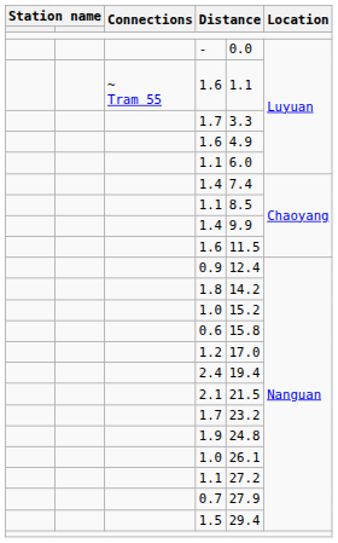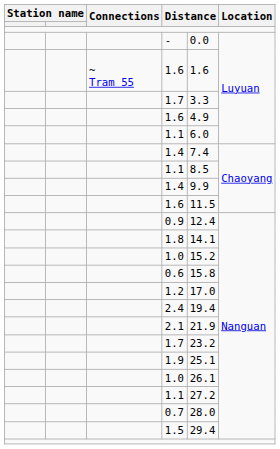 <table class="wikitable">
 <tr>
 <th colspan="2">Station name</th>
 <th rowspan="2">Connections</th>
 <th colspan="2" rowspan="2">Distance<br></th>
 <th rowspan="2">Location</th>
 </tr>
 <tr>
 <th></th>
 <th></th>
 </tr>
 <tr style="background:#">
 <td colspan = "8"></td>
 </tr>
 <tr>
 <td></td>
 <td></td>
 <td></td>
 <td>-</td>
 <td>0.0</td>
 <td rowspan="5"><a href='#'>Luyuan</a></td>
 </tr>
 <tr>
 <td></td>
 <td></td>
 <td><br> ~<br> <a href='#'>Tram 55</a></td>
 <td>1.6</td>
-<td>1.1</td>
+<td>1.6</td>
 </tr>
 <tr>
 <td></td>
 <td></td>
 <td></td>
 <td>1.7</td>
 <td>3.3</td>
 </tr>
 <tr>
 <td></td>
 <td></td>
 <td></td>
 <td>1.6</td>
 <td>4.9</td>
 </tr>
 <tr>
 <td></td>
 <td></td>
 <td></td>
 <td>1.1</td>
 <td>6.0</td>
 </tr>
 <tr>
 <td></td>
 <td></td>
 <td></td>
 <td>1.4</td>
 <td>7.4</td>
 <td rowspan="4"><a href='#'>Chaoyang</a></td>
 </tr>
 <tr>
 <td></td>
 <td></td>
 <td></td>
 <td>1.1</td>
 <td>8.5</td>
 </tr>
 <tr>
 <td></td>
 <td></td>
 <td></td>
 <td>1.4</td>
 <td>9.9</td>
 </tr>
 <tr>
 <td></td>
 <td></td>
 <td></td>
 <td>1.6</td>
 <td>11.5</td>
 </tr>
 <tr>
 <td></td>
 <td></td>
 <td></td>
 <td>0.9</td>
 <td>12.4</td>
 <td rowspan="13"><a href='#'>Nanguan</a></td>
 </tr>
 <tr>
 <td></td>
 <td></td>
 <td></td>
 <td>1.8</td>
-<td>14.2</td>
+<td>14.1</td>
 </tr>
 <tr>
 <td></td>
 <td></td>
 <td></td>
 <td>1.0</td>
 <td>15.2</td>
 </tr>
 <tr>
 <td></td>
 <td></td>
 <td></td>
 <td>0.6</td>
 <td>15.8</td>
 </tr>
 <tr>
 <td></td>
 <td></td>
 <td></td>
 <td>1.2</td>
 <td>17.0</td>
 </tr>
 <tr>
 <td></td>
 <td></td>
 <td></td>
 <td>2.4</td>
 <td>19.4</td>
 </tr>
 <tr>
 <td></td>
 <td></td>
 <td></td>
 <td>2.1</td>
-<td>21.5</td>
+<td>21.9</td>
 </tr>
 <tr>
 <td></td>
 <td></td>
 <td></td>
 <td>1.7</td>
 <td>23.2</td>
 </tr>
 <tr>
 <td></td>
 <td></td>
 <td></td>
 <td>1.9</td>
-<td>24.8</td>
+<td>25.1</td>
 </tr>
 <tr>
 <td></td>
 <td></td>
 <td></td>
 <td>1.0</td>
 <td>26.1</td>
 </tr>
 <tr>
 <td></td>
 <td></td>
 <td></td>
 <td>1.1</td>
 <td>27.2</td>
 </tr>
 <tr>
 <td></td>
 <td></td>
 <td></td>
 <td>0.7</td>
-<td>27.9</td>
+<td>28.0</td>
 </tr>
 <tr>
 <td></td>
 <td></td>
 <td></td>
 <td>1.5</td>
 <td>29.4</td>
 </tr>
 <tr style="background:#">
 <td colspan = "8"></td>
 </tr>
 </table>
